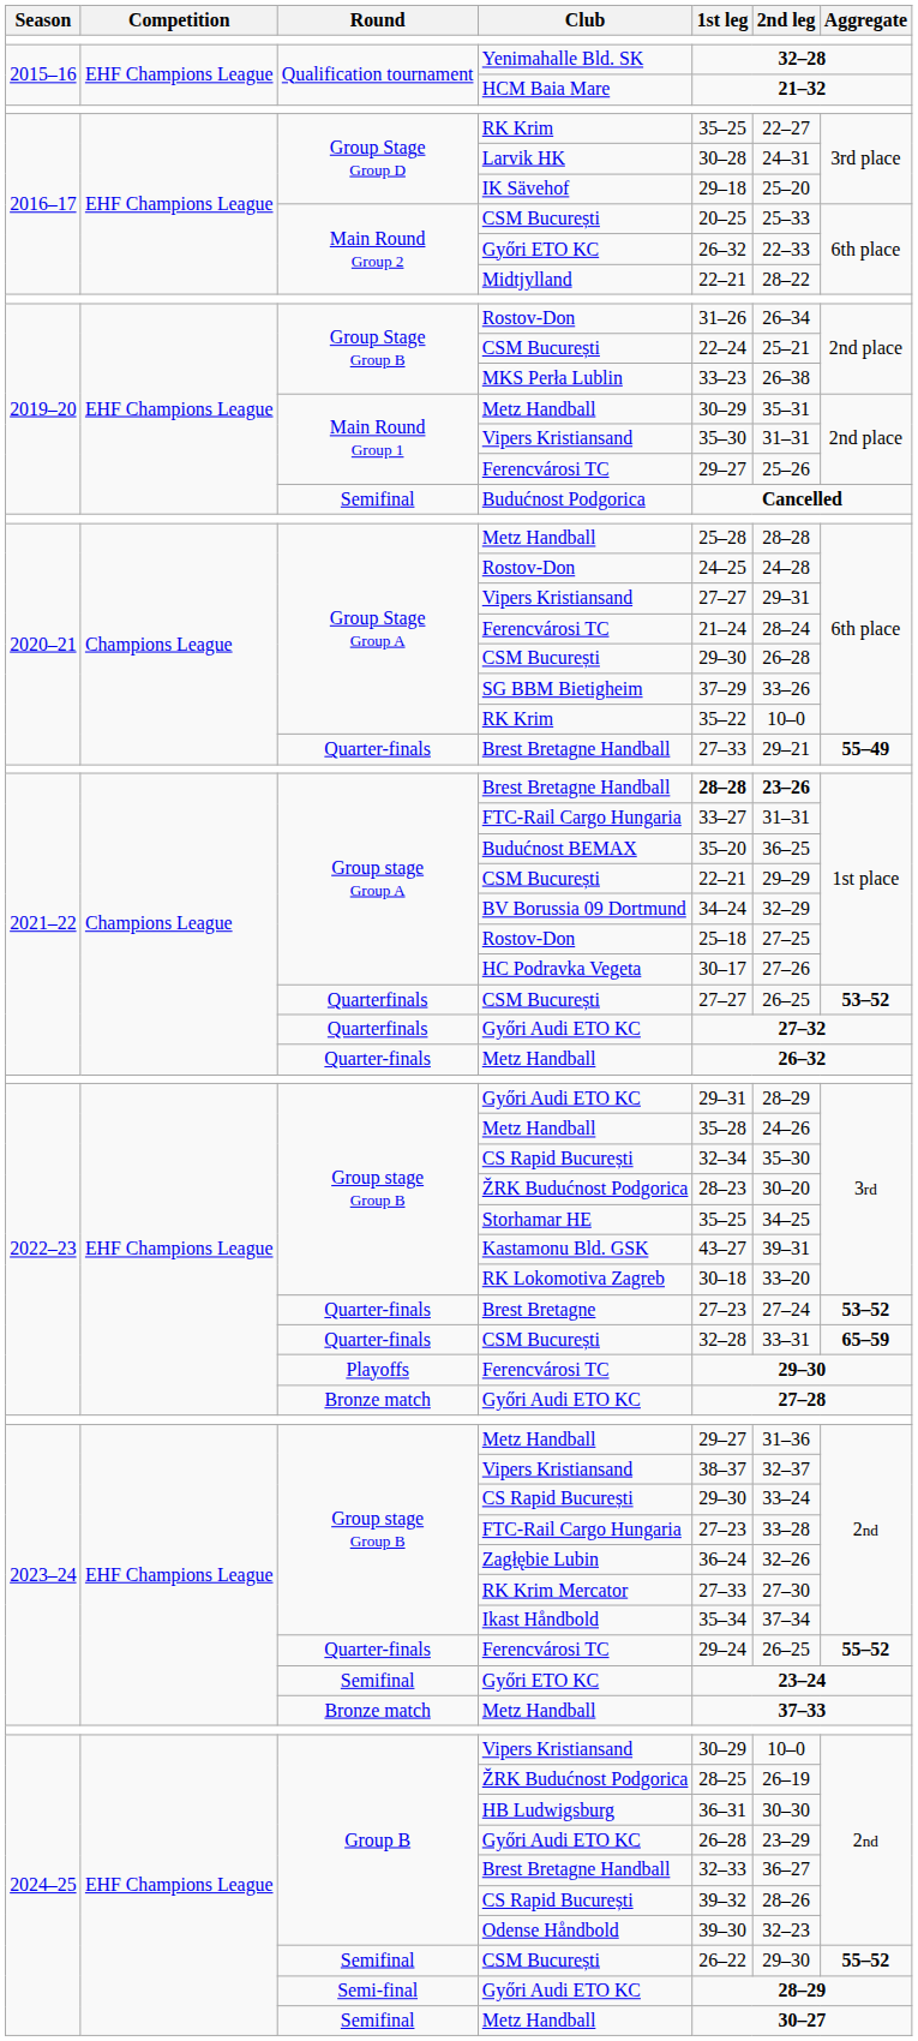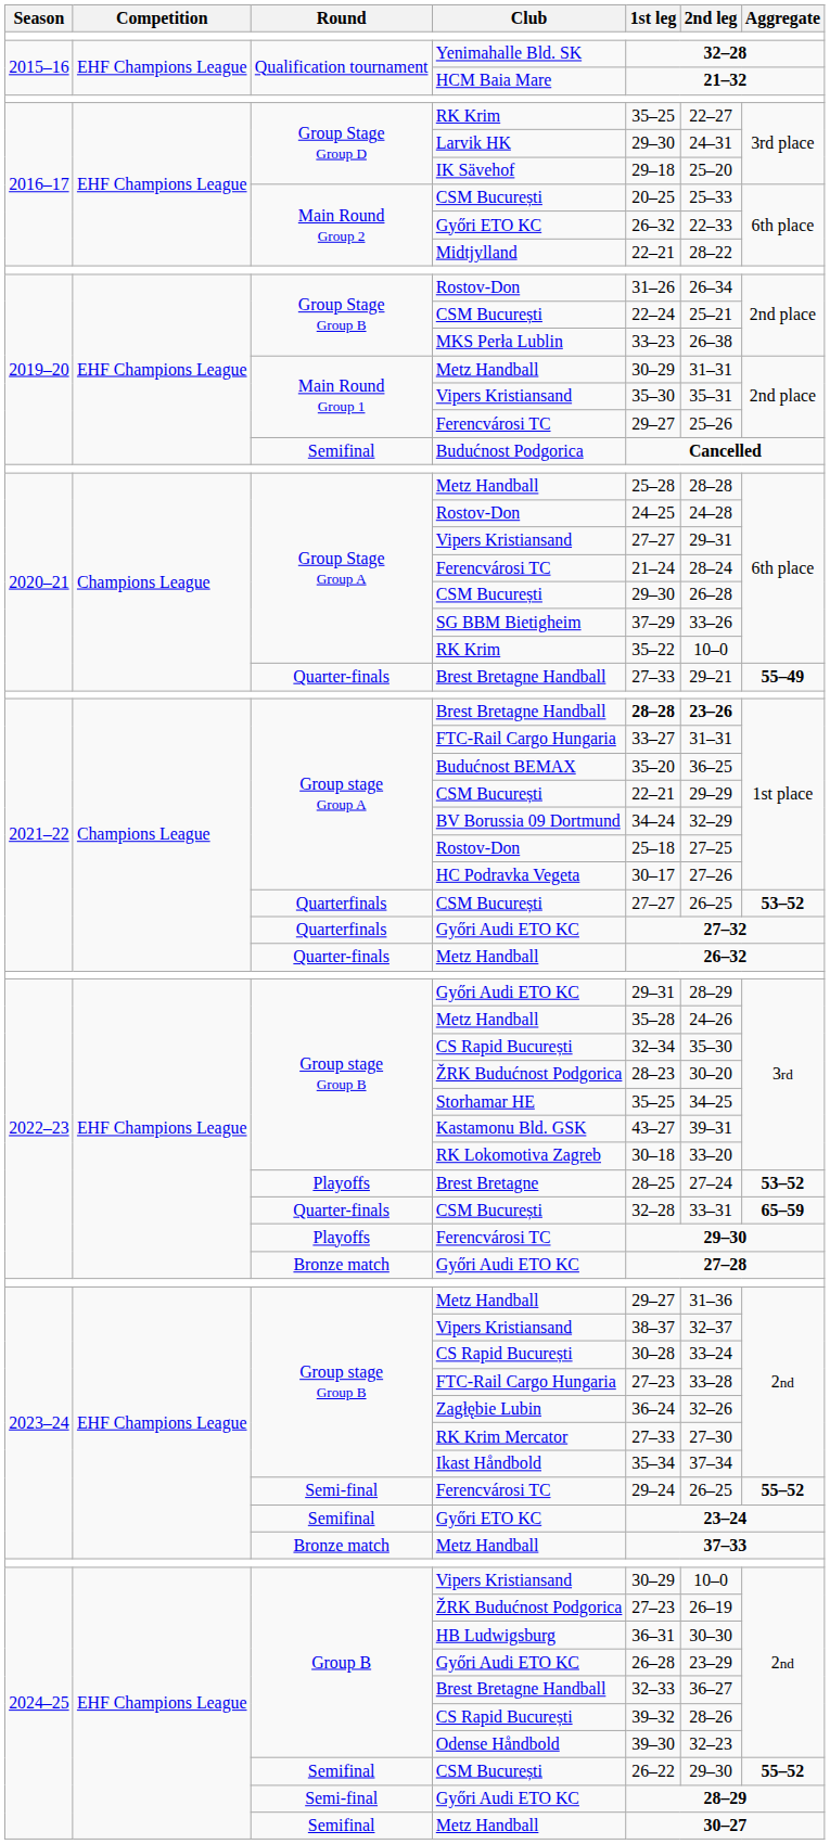 <table class="wikitable">
 <tr>
 <th>Season</th>
 <th>Competition</th>
 <th>Round</th>
 <th>Club</th>
 <th>1st leg</th>
 <th>2nd leg</th>
 <th>Aggregate</th>
 </tr>
 <tr>
 <td colspan="7" bgcolor=white></td>
 </tr>
 <tr>
 <td rowspan="2"><a href='#'>2015–16</a></td>
 <td rowspan="2"><a href='#'>EHF Champions League</a></td>
 <td rowspan="2" style="text-align:center;"><a href='#'>Qualification tournament</a></td>
 <td> <a href='#'>Yenimahalle Bld. SK</a></td>
 <td colspan="3" style="text-align:center;"><strong>32–28</strong></td>
 </tr>
 <tr>
 <td> <a href='#'>HCM Baia Mare</a></td>
 <td colspan="3" style="text-align:center;"><strong>21–32</strong></td>
 </tr>
 <tr>
 <td colspan="7" bgcolor=white></td>
 </tr>
 <tr>
 <td rowspan="6"><a href='#'>2016–17</a></td>
 <td rowspan="6"><a href='#'>EHF Champions League</a></td>
 <td rowspan="3" style="text-align:center;"><a href='#'>Group Stage<br><small>Group D</small></a></td>
 <td> <a href='#'>RK Krim</a></td>
 <td style="text-align:center;">35–25</td>
 <td style="text-align:center;">22–27</td>
 <td rowspan="3" style="text-align:center;">3rd place</td>
 </tr>
 <tr>
 <td> <a href='#'>Larvik HK</a></td>
-<td style="text-align:center;">30–28</td>
+<td style="text-align:center;">29–30</td>
 <td style="text-align:center;">24–31</td>
 </tr>
 <tr>
 <td> <a href='#'>IK Sävehof</a></td>
 <td style="text-align:center;">29–18</td>
 <td style="text-align:center;">25–20</td>
 </tr>
 <tr>
 <td rowspan="3" style="text-align:center;"><a href='#'>Main Round<br><small>Group 2</small></a></td>
 <td> <a href='#'>CSM București</a></td>
 <td style="text-align:center;">20–25</td>
 <td style="text-align:center;">25–33</td>
 <td rowspan="3" style="text-align:center;">6th place</td>
 </tr>
 <tr>
 <td> <a href='#'>Győri ETO KC</a></td>
 <td style="text-align:center;">26–32</td>
 <td style="text-align:center;">22–33</td>
 </tr>
 <tr>
 <td> <a href='#'>Midtjylland</a></td>
 <td style="text-align:center;">22–21</td>
 <td style="text-align:center;">28–22</td>
 </tr>
 <tr>
 <td colspan="7" bgcolor=white></td>
 </tr>
 <tr>
 <td rowspan="7"><a href='#'>2019–20</a></td>
 <td rowspan="7"><a href='#'>EHF Champions League</a></td>
 <td rowspan="3" style="text-align:center;"><a href='#'>Group Stage<br><small>Group B</small></a></td>
 <td> <a href='#'>Rostov-Don</a></td>
 <td style="text-align:center;">31–26</td>
 <td style="text-align:center;">26–34</td>
 <td rowspan="3" style="text-align:center;">2nd place</td>
 </tr>
 <tr>
 <td> <a href='#'>CSM București</a></td>
 <td style="text-align:center;">22–24</td>
 <td style="text-align:center;">25–21</td>
 </tr>
 <tr>
 <td> <a href='#'>MKS Perła Lublin</a></td>
 <td style="text-align:center;">33–23</td>
 <td style="text-align:center;">26–38</td>
 </tr>
 <tr>
 <td rowspan="3" style="text-align:center;"><a href='#'>Main Round<br><small>Group 1</small></a></td>
 <td> <a href='#'>Metz Handball</a></td>
 <td style="text-align:center;">30–29</td>
-<td style="text-align:center;">35–31</td>
+<td style="text-align:center;">31–31</td>
 <td rowspan="3" style="text-align:center;">2nd place</td>
 </tr>
 <tr>
 <td> <a href='#'>Vipers Kristiansand</a></td>
 <td style="text-align:center;">35–30</td>
-<td style="text-align:center;">31–31</td>
+<td style="text-align:center;">35–31</td>
 </tr>
 <tr>
 <td> <a href='#'>Ferencvárosi TC</a></td>
 <td style="text-align:center;">29–27</td>
 <td style="text-align:center;">25–26</td>
 </tr>
 <tr>
 <td style="text-align:center;"><a href='#'>Semifinal</a></td>
 <td> <a href='#'>Budućnost Podgorica</a></td>
 <td colspan=3; style="text-align:center;"><strong>Cancelled</strong></td>
 </tr>
 <tr>
 <td colspan=7 style="text-align: center;" bgcolor=white></td>
 </tr>
 <tr>
 <td rowspan=8><a href='#'>2020–21</a></td>
 <td rowspan=8><a href='#'>Champions League</a></td>
 <td rowspan=7 style="text-align:center;"><a href='#'>Group Stage<br><small>Group A</small></a></td>
 <td> <a href='#'>Metz Handball</a></td>
 <td style="text-align:center;">25–28</td>
 <td style="text-align:center;">28–28</td>
 <td align=center rowspan=7>6th place</td>
 </tr>
 <tr>
 <td> <a href='#'>Rostov-Don</a></td>
 <td style="text-align:center;">24–25</td>
 <td style="text-align:center;">24–28</td>
 </tr>
 <tr>
 <td> <a href='#'>Vipers Kristiansand</a></td>
 <td style="text-align:center;">27–27</td>
 <td style="text-align:center;">29–31</td>
 </tr>
 <tr>
 <td> <a href='#'>Ferencvárosi TC</a></td>
 <td style="text-align:center;">21–24</td>
 <td style="text-align:center;">28–24</td>
 </tr>
 <tr>
 <td> <a href='#'>CSM București</a></td>
 <td style="text-align:center;">29–30</td>
 <td style="text-align:center;">26–28</td>
 </tr>
 <tr>
 <td> <a href='#'>SG BBM Bietigheim</a></td>
 <td style="text-align:center;">37–29</td>
 <td style="text-align:center;">33–26</td>
 </tr>
 <tr>
 <td> <a href='#'>RK Krim</a></td>
 <td style="text-align:center;">35–22</td>
 <td style="text-align:center;">10–0</td>
 </tr>
 <tr>
 <td style="text-align:center;"><a href='#'>Quarter-finals</a></td>
 <td> <a href='#'>Brest Bretagne Handball</a></td>
 <td style="text-align:center;">27–33</td>
 <td style="text-align:center;">29–21</td>
 <td style="text-align:center;"><strong>55–49</strong></td>
 </tr>
 <tr>
 <td colspan=7 style="text-align: center;" bgcolor=white></td>
 </tr>
 <tr>
 <td rowspan=10><a href='#'>2021–22</a></td>
 <td rowspan=10><a href='#'>Champions League</a></td>
 <td rowspan=7 style="text-align:center;"><a href='#'>Group stage<br><small>Group A</small></a></td>
 <td> <a href='#'>Brest Bretagne Handball</a></td>
 <td style="text-align:center;"><strong>28–28</strong></td>
 <td style="text-align:center;"><strong>23–26</strong></td>
 <td align=center rowspan=7>1st place</td>
 </tr>
 <tr>
 <td> <a href='#'>FTC-Rail Cargo Hungaria</a></td>
 <td style="text-align:center;">33–27</td>
 <td style="text-align:center;">31–31</td>
 </tr>
 <tr>
 <td> <a href='#'>Budućnost BEMAX</a></td>
 <td style="text-align:center;">35–20</td>
 <td style="text-align:center;">36–25</td>
 </tr>
 <tr>
 <td> <a href='#'>CSM București</a></td>
 <td style="text-align:center;">22–21</td>
 <td style="text-align:center;">29–29</td>
 </tr>
 <tr>
 <td> <a href='#'>BV Borussia 09 Dortmund</a></td>
 <td style="text-align:center;">34–24</td>
 <td style="text-align:center;">32–29</td>
 </tr>
 <tr>
 <td> <a href='#'>Rostov-Don</a></td>
 <td style="text-align:center;">25–18</td>
 <td style="text-align:center;">27–25</td>
 </tr>
 <tr>
 <td> <a href='#'>HC Podravka Vegeta</a></td>
 <td style="text-align:center;">30–17</td>
 <td style="text-align:center;">27–26</td>
 </tr>
 <tr>
 <td style="text-align:center;"><a href='#'>Quarterfinals</a></td>
 <td> <a href='#'>CSM București</a></td>
 <td style="text-align:center;">27–27</td>
 <td style="text-align:center;">26–25</td>
 <td style="text-align:center;"><strong>53–52</strong></td>
 </tr>
 <tr>
 <td style="text-align:center;"><a href='#'>Quarterfinals</a></td>
 <td> <a href='#'>Győri Audi ETO KC</a></td>
 <td colspan=3; style="text-align:center;"><strong>27–32</strong></td>
 </tr>
 <tr>
 <td style="text-align:center;"><a href='#'>Quarter-finals</a></td>
 <td> <a href='#'>Metz Handball</a></td>
 <td colspan=3; style="text-align:center;"><strong>26–32</strong></td>
 </tr>
 <tr>
 <td colspan=7 style="text-align: center;" bgcolor=white></td>
 </tr>
 <tr>
 <td rowspan=11><a href='#'>2022–23</a></td>
 <td rowspan=11><a href='#'>EHF Champions League</a></td>
 <td rowspan=7 style="text-align:center;"><a href='#'>Group stage<br><small>Group B</small></a></td>
 <td> <a href='#'>Győri Audi ETO KC</a></td>
 <td style="text-align:center;">29–31</td>
 <td style="text-align:center;">28–29</td>
 <td align=center rowspan=7>3<small>rd</small></td>
 </tr>
 <tr>
 <td> <a href='#'>Metz Handball</a></td>
 <td style="text-align:center;">35–28</td>
 <td style="text-align:center;">24–26</td>
 </tr>
 <tr>
 <td> <a href='#'>CS Rapid București</a></td>
 <td style="text-align:center;">32–34</td>
 <td style="text-align:center;">35–30</td>
 </tr>
 <tr>
 <td> <a href='#'>ŽRK Budućnost Podgorica</a></td>
 <td style="text-align:center;">28–23</td>
 <td style="text-align:center;">30–20</td>
 </tr>
 <tr>
 <td> <a href='#'>Storhamar HE</a></td>
 <td style="text-align:center;">35–25</td>
 <td style="text-align:center;">34–25</td>
 </tr>
 <tr>
 <td> <a href='#'>Kastamonu Bld. GSK</a></td>
 <td style="text-align:center;">43–27</td>
 <td style="text-align:center;">39–31</td>
 </tr>
 <tr>
 <td> <a href='#'>RK Lokomotiva Zagreb</a></td>
 <td style="text-align:center;">30–18</td>
 <td style="text-align:center;">33–20</td>
 </tr>
 <tr>
-<td style="text-align:center;"><a href='#'>Quarter-finals</a></td>
+<td style="text-align:center;"><a href='#'>Playoffs</a></td>
 <td> <a href='#'>Brest Bretagne</a></td>
-<td style="text-align:center;">27–23</td>
+<td style="text-align:center;">28–25</td>
 <td style="text-align:center;">27–24</td>
 <td style="text-align:center;"><strong>53–52</strong></td>
 </tr>
 <tr>
 <td style="text-align:center;"><a href='#'>Quarter-finals</a></td>
 <td> <a href='#'>CSM București</a></td>
 <td style="text-align:center;">32–28</td>
 <td style="text-align:center;">33–31</td>
 <td style="text-align:center;"><strong>65–59</strong></td>
 </tr>
 <tr>
 <td style="text-align:center;"><a href='#'>Playoffs</a></td>
 <td> <a href='#'>Ferencvárosi TC</a></td>
 <td colspan=3 style="text-align:center;"><strong>29–30</strong></td>
 </tr>
 <tr>
 <td style="text-align:center;"><a href='#'>Bronze match</a></td>
 <td> <a href='#'>Győri Audi ETO KC</a></td>
 <td colspan=3 style="text-align:center;"><strong>27–28</strong></td>
 </tr>
 <tr>
 <td colspan=7 style="text-align: center;" bgcolor=white></td>
 </tr>
 <tr>
 <td rowspan=10><a href='#'>2023–24</a></td>
 <td rowspan=10><a href='#'>EHF Champions League</a></td>
 <td rowspan=7 style="text-align:center;"><a href='#'>Group stage<br><small>Group B</small></a></td>
 <td> <a href='#'>Metz Handball</a></td>
 <td style="text-align:center;">29–27</td>
 <td style="text-align:center;">31–36</td>
 <td align=center rowspan=7>2<small>nd</small></td>
 </tr>
 <tr>
 <td> <a href='#'>Vipers Kristiansand</a></td>
 <td style="text-align:center;">38–37</td>
 <td style="text-align:center;">32–37</td>
 </tr>
 <tr>
 <td> <a href='#'>CS Rapid București</a></td>
-<td style="text-align:center;">29–30</td>
+<td style="text-align:center;">30–28</td>
 <td style="text-align:center;">33–24</td>
 </tr>
 <tr>
 <td> <a href='#'>FTC-Rail Cargo Hungaria</a></td>
 <td style="text-align:center;">27–23</td>
 <td style="text-align:center;">33–28</td>
 </tr>
 <tr>
 <td> <a href='#'>Zagłębie Lubin</a></td>
 <td style="text-align:center;">36–24</td>
 <td style="text-align:center;">32–26</td>
 </tr>
 <tr>
 <td> <a href='#'>RK Krim Mercator</a></td>
 <td style="text-align:center;">27–33</td>
 <td style="text-align:center;">27–30</td>
 </tr>
 <tr>
 <td> <a href='#'>Ikast Håndbold</a></td>
 <td style="text-align:center;">35–34</td>
 <td style="text-align:center;">37–34</td>
 </tr>
 <tr>
-<td style="text-align:center;"><a href='#'>Quarter-finals</a></td>
+<td style="text-align:center;"><a href='#'>Semi-final</a></td>
 <td> <a href='#'>Ferencvárosi TC</a></td>
 <td style="text-align:center;">29–24</td>
 <td style="text-align:center;">26–25</td>
 <td style="text-align:center;"><strong>55–52</strong></td>
 </tr>
 <tr>
 <td style="text-align:center;"><a href='#'>Semifinal</a></td>
 <td> <a href='#'>Győri ETO KC</a></td>
 <td colspan=3 style="text-align:center;"><strong>23–24</strong></td>
 </tr>
 <tr>
 <td style="text-align:center;"><a href='#'>Bronze match</a></td>
 <td> <a href='#'>Metz Handball</a></td>
 <td colspan=3 style="text-align:center;"><strong>37–33</strong></td>
 </tr>
 <tr>
 <td colspan=7 style="text-align: center;" bgcolor=white></td>
 </tr>
 <tr>
 <td rowspan=10><a href='#'>2024–25</a></td>
 <td rowspan=10><a href='#'>EHF Champions League</a></td>
 <td rowspan=7 style="text-align:center;"><a href='#'>Group B</a></td>
 <td> <a href='#'>Vipers Kristiansand</a></td>
 <td style="text-align:center;">30–29</td>
 <td style="text-align:center;">10–0</td>
 <td align=center rowspan=7>2<small>nd</small></td>
 </tr>
 <tr>
 <td> <a href='#'>ŽRK Budućnost Podgorica</a></td>
-<td style="text-align:center;">28–25</td>
+<td style="text-align:center;">27–23</td>
 <td style="text-align:center;">26–19</td>
 </tr>
 <tr>
 <td> <a href='#'>HB Ludwigsburg</a></td>
 <td style="text-align:center;">36–31</td>
 <td style="text-align:center;">30–30</td>
 </tr>
 <tr>
 <td> <a href='#'>Győri Audi ETO KC</a></td>
 <td style="text-align:center;">26–28</td>
 <td style="text-align:center;">23–29</td>
 </tr>
 <tr>
 <td> <a href='#'>Brest Bretagne Handball</a></td>
 <td style="text-align:center;">32–33</td>
 <td style="text-align:center;">36–27</td>
 </tr>
 <tr>
 <td> <a href='#'>CS Rapid București</a></td>
 <td style="text-align:center;">39–32</td>
 <td style="text-align:center;">28–26</td>
 </tr>
 <tr>
 <td> <a href='#'>Odense Håndbold</a></td>
 <td style="text-align:center;">39–30</td>
 <td style="text-align:center;">32–23</td>
 </tr>
 <tr>
 <td style="text-align:center;"><a href='#'>Semifinal</a></td>
 <td> <a href='#'>CSM București</a></td>
 <td style="text-align:center;">26–22</td>
 <td style="text-align:center;">29–30</td>
 <td style="text-align:center;"><strong>55–52</strong></td>
 </tr>
 <tr>
 <td style="text-align:center;"><a href='#'>Semi-final</a></td>
 <td> <a href='#'>Győri Audi ETO KC</a></td>
 <td colspan=3 style="text-align:center;"><strong>28–29</strong></td>
 </tr>
 <tr>
 <td style="text-align:center;"><a href='#'>Semifinal</a></td>
 <td> <a href='#'>Metz Handball</a></td>
 <td colspan=3 style="text-align:center;"><strong>30–27</strong></td>
 </tr>
 </table>
